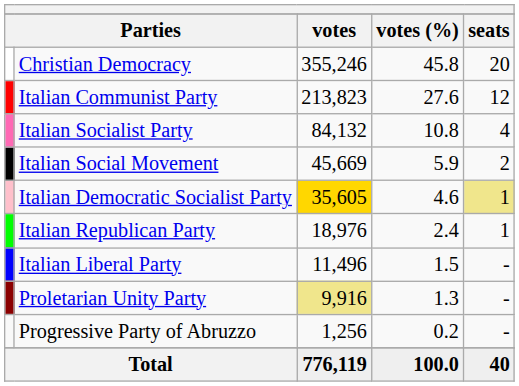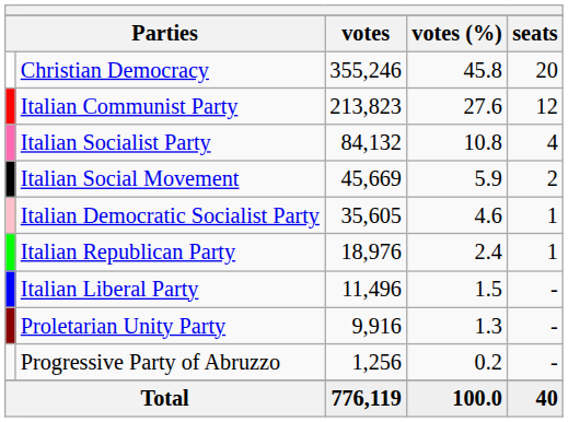 <table class="wikitable" style="font-size:95%">
 <tr>
 <th colspan=5></th>
 </tr>
 <tr>
 </tr>
 <tr bgcolor="EFEFEF">
 <th colspan=2>Parties</th>
 <th>votes</th>
 <th>votes (%)</th>
 <th>seats</th>
 </tr>
 <tr>
 <td bgcolor=White></td>
 <td><a href='#'>Christian Democracy</a></td>
 <td align=right>355,246</td>
 <td align=right>45.8</td>
 <td align=right>20</td>
 </tr>
 <tr>
 <td bgcolor=Red></td>
 <td><a href='#'>Italian Communist Party</a></td>
 <td align=right>213,823</td>
 <td align=right>27.6</td>
 <td align=right>12</td>
 </tr>
 <tr>
 <td bgcolor=Hotpink></td>
 <td><a href='#'>Italian Socialist Party</a></td>
 <td align=right>84,132</td>
 <td align=right>10.8</td>
 <td align=right>4</td>
 </tr>
 <tr>
 <td bgcolor=Black></td>
 <td><a href='#'>Italian Social Movement</a></td>
 <td align=right>45,669</td>
 <td align=right>5.9</td>
 <td align=right>2</td>
 </tr>
 <tr>
 <td bgcolor=Pink></td>
 <td><a href='#'>Italian Democratic Socialist Party</a></td>
-<td align=right style="background: gold;">35,605</td>
+<td align=right>35,605</td>
 <td align=right>4.6</td>
-<td align=right style="background: khaki;">1</td>
+<td align=right>1</td>
 </tr>
 <tr>
 <td bgcolor=Lime></td>
 <td><a href='#'>Italian Republican Party</a></td>
 <td align=right>18,976</td>
 <td align=right>2.4</td>
 <td align=right>1</td>
 </tr>
 <tr>
 <td bgcolor=Blue></td>
 <td><a href='#'>Italian Liberal Party</a></td>
 <td align=right>11,496</td>
 <td align=right>1.5</td>
 <td align=right>-</td>
 </tr>
 <tr>
 <td bgcolor=Darkred></td>
 <td><a href='#'>Proletarian Unity Party</a></td>
-<td align=right style="background: khaki;">9,916</td>
+<td align=right>9,916</td>
 <td align=right>1.3</td>
 <td align=right>-</td>
 </tr>
 <tr>
 <td bgcolor=></td>
 <td>Progressive Party of Abruzzo</td>
 <td align=right>1,256</td>
 <td align=right>0.2</td>
 <td align=right>-</td>
 </tr>
 <tr>
 </tr>
 <tr bgcolor="EFEFEF">
 <th colspan=2><strong>Total</strong></th>
 <td align=right><strong>776,119</strong></td>
 <td align=right><strong>100.0</strong></td>
 <td align=right><strong>40</strong></td>
 </tr>
 </table>
